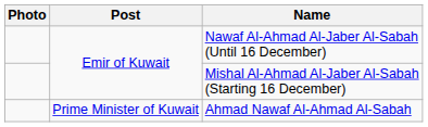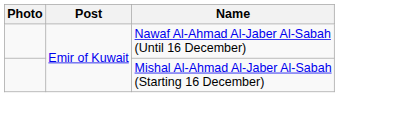 <table class=wikitable>
 <tr>
 <th>Photo</th>
 <th>Post</th>
 <th>Name</th>
 </tr>
 <tr>
 <td></td>
 <td rowspan=2 align=center><a href='#'>Emir of Kuwait</a></td>
 <td><a href='#'>Nawaf Al-Ahmad Al-Jaber Al-Sabah</a><br>(Until 16 December)</td>
 </tr>
 <tr>
 <td></td>
 <td><a href='#'>Mishal Al-Ahmad Al-Jaber Al-Sabah</a><br>(Starting 16 December)</td>
 </tr>
-<tr>
-<td></td>
-<td><a href='#'>Prime Minister of Kuwait</a></td>
-<td><a href='#'>Ahmad Nawaf Al-Ahmad Al-Sabah</a></td>
-</tr>
 </table>
